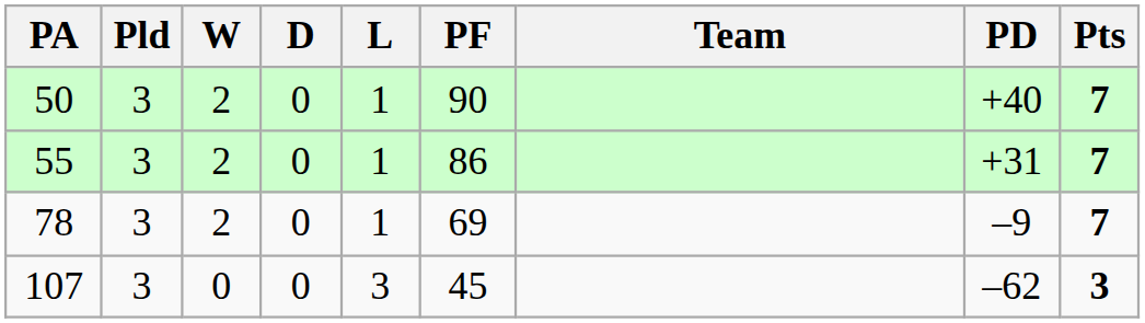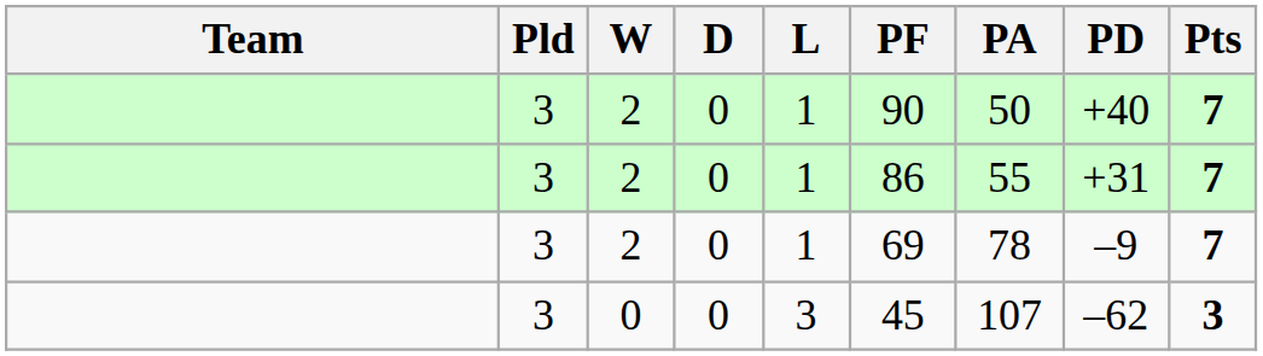 <table class="wikitable" style="text-align:center;">
 <tr>
-<th width=32 abbr="Points against">PA</th>
+<th width=175>Team</th>
 <th width=25 abbr="Played">Pld</th>
 <th width=25 abbr="Won">W</th>
 <th width=25 abbr="Drawn">D</th>
 <th width=25 abbr="Lost">L</th>
 <th width=32 abbr="Points for">PF</th>
-<th width=175>Team</th>
+<th width=32 abbr="Points against">PA</th>
 <th width=32 abbr="Points difference">PD</th>
 <th width=25 abbr="Points">Pts</th>
 </tr>
 <tr bgcolor=ccffcc>
-<td>50</td>
+<td align=left></td>
 <td>3</td>
 <td>2</td>
 <td>0</td>
 <td>1</td>
 <td>90</td>
-<td align=left></td>
+<td>50</td>
 <td>+40</td>
 <td><strong>7</strong></td>
 </tr>
 <tr bgcolor=ccffcc>
-<td>55</td>
+<td align=left></td>
 <td>3</td>
 <td>2</td>
 <td>0</td>
 <td>1</td>
 <td>86</td>
-<td align=left></td>
+<td>55</td>
 <td>+31</td>
 <td><strong>7</strong></td>
 </tr>
 <tr>
-<td>78</td>
+<td align=left></td>
 <td>3</td>
 <td>2</td>
 <td>0</td>
 <td>1</td>
 <td>69</td>
-<td align=left></td>
+<td>78</td>
 <td>–9</td>
 <td><strong>7</strong></td>
 </tr>
 <tr>
-<td>107</td>
+<td align=left></td>
 <td>3</td>
 <td>0</td>
 <td>0</td>
 <td>3</td>
 <td>45</td>
-<td align=left></td>
+<td>107</td>
 <td>–62</td>
 <td><strong>3</strong></td>
 </tr>
 </table>
